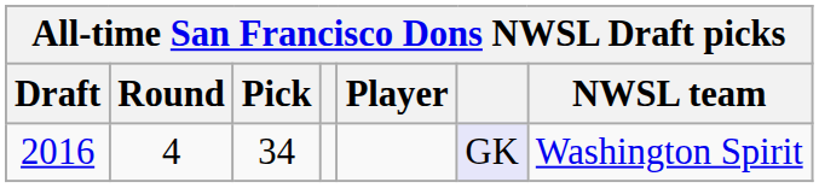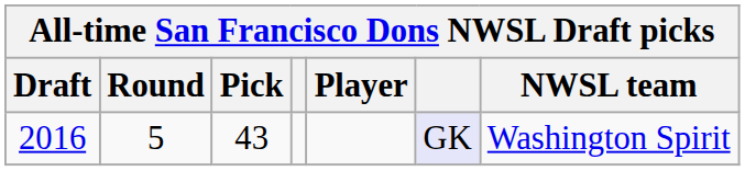 <table class="wikitable sortable" style="text-align: center;">
 <tr>
 <th colspan="7" style="background:#">All-time <a href='#'><span>San Francisco Dons</span></a> NWSL Draft picks</th>
 </tr>
 <tr>
 <th scope="col">Draft</th>
 <th scope="col">Round</th>
 <th scope="col">Pick</th>
 <th scope="col"></th>
 <th scope="col">Player</th>
 <th scope="col"></th>
 <th scope="col">NWSL team</th>
 </tr>
 <tr>
 <td><a href='#'>2016</a></td>
-<td>4</td>
-<td>34</td>
+<td>5</td>
+<td>43</td>
 <td></td>
 <td></td>
 <td style="background: lavender;">GK</td>
 <td><a href='#'>Washington Spirit</a></td>
 </tr>
 </table>
